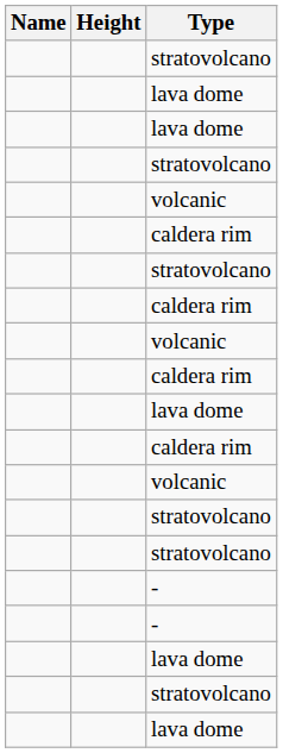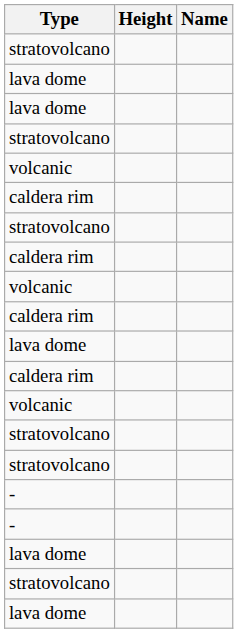 <table class="wikitable">
 <tr>
+<th>Type</th>
+<th>Height</th>
 <th>Name</th>
-<th>Height</th>
-<th>Type</th>
 </tr>
 <tr>
+<td>stratovolcano</td>
 <td></td>
 <td></td>
-<td>stratovolcano</td>
 </tr>
 <tr>
+<td>lava dome</td>
 <td></td>
 <td></td>
-<td>lava dome</td>
 </tr>
 <tr>
+<td>lava dome</td>
 <td></td>
 <td></td>
-<td>lava dome</td>
 </tr>
 <tr>
+<td>stratovolcano</td>
 <td></td>
 <td></td>
-<td>stratovolcano</td>
 </tr>
 <tr>
+<td>volcanic</td>
 <td></td>
 <td></td>
-<td>volcanic</td>
 </tr>
 <tr>
+<td>caldera rim</td>
 <td></td>
 <td></td>
-<td>caldera rim</td>
 </tr>
 <tr>
+<td>stratovolcano</td>
 <td></td>
 <td></td>
-<td>stratovolcano</td>
 </tr>
 <tr>
+<td>caldera rim</td>
 <td></td>
 <td></td>
-<td>caldera rim</td>
 </tr>
 <tr>
+<td>volcanic</td>
 <td></td>
 <td></td>
-<td>volcanic</td>
 </tr>
 <tr>
+<td>caldera rim</td>
 <td></td>
 <td></td>
-<td>caldera rim</td>
 </tr>
 <tr>
+<td>lava dome</td>
 <td></td>
 <td></td>
-<td>lava dome</td>
 </tr>
 <tr>
+<td>caldera rim</td>
 <td></td>
 <td></td>
-<td>caldera rim</td>
 </tr>
 <tr>
+<td>volcanic</td>
 <td></td>
 <td></td>
-<td>volcanic</td>
 </tr>
 <tr>
+<td>stratovolcano</td>
 <td></td>
 <td></td>
-<td>stratovolcano</td>
 </tr>
 <tr>
+<td>stratovolcano</td>
 <td></td>
 <td></td>
-<td>stratovolcano</td>
 </tr>
 <tr>
+<td>-</td>
 <td></td>
 <td></td>
-<td>-</td>
 </tr>
 <tr>
+<td>-</td>
 <td></td>
 <td></td>
-<td>-</td>
 </tr>
 <tr>
+<td>lava dome</td>
 <td></td>
 <td></td>
-<td>lava dome</td>
 </tr>
 <tr>
+<td>stratovolcano</td>
 <td></td>
 <td></td>
-<td>stratovolcano</td>
 </tr>
 <tr>
+<td>lava dome</td>
 <td></td>
 <td></td>
-<td>lava dome</td>
 </tr>
 </table>
